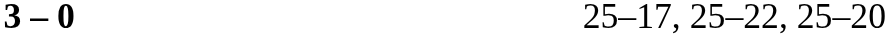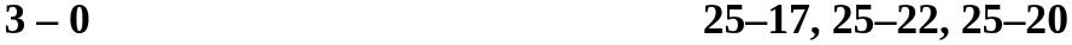 <table width=100% cellspacing=1>
 <tr>
 <th width=20%></th>
 <th width=12%></th>
 <th width=20%></th>
 <th width=33%></th>
 <td></td>
 </tr>
 <tr style=font-size:95%>
 <td align=right><strong></strong></td>
 <td align=center><strong>3 – 0</strong></td>
 <td></td>
-<td>25–17, 25–22, 25–20</td>
+<td><strong>25–17, 25–22, 25–20</strong></td>
 </tr>
 </table>
